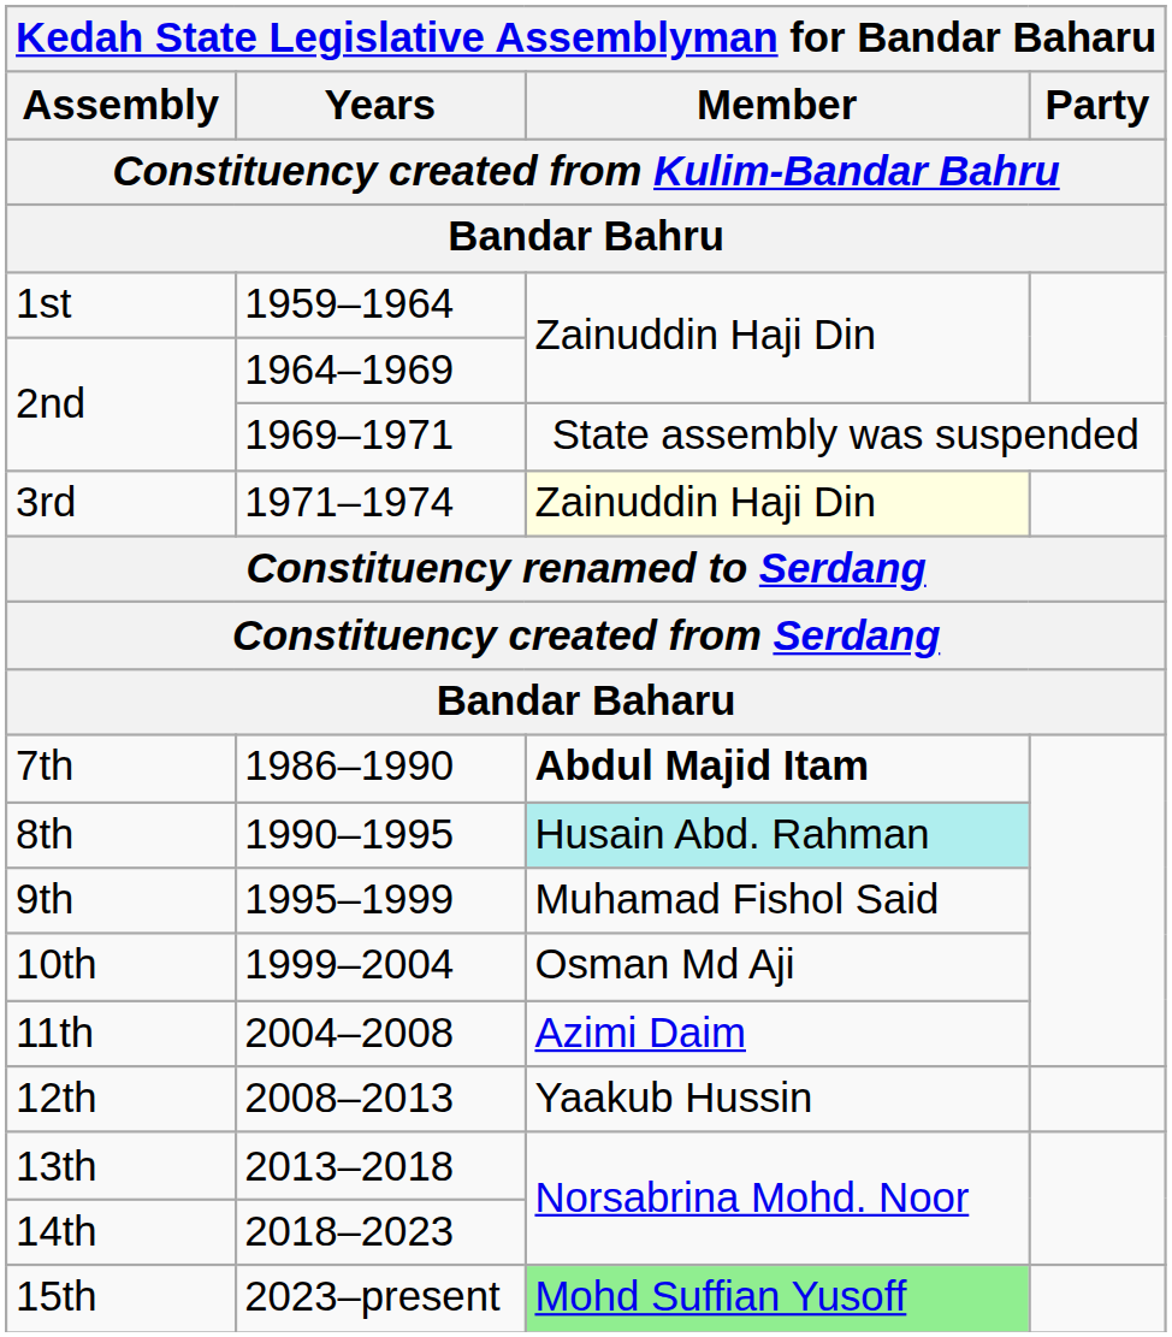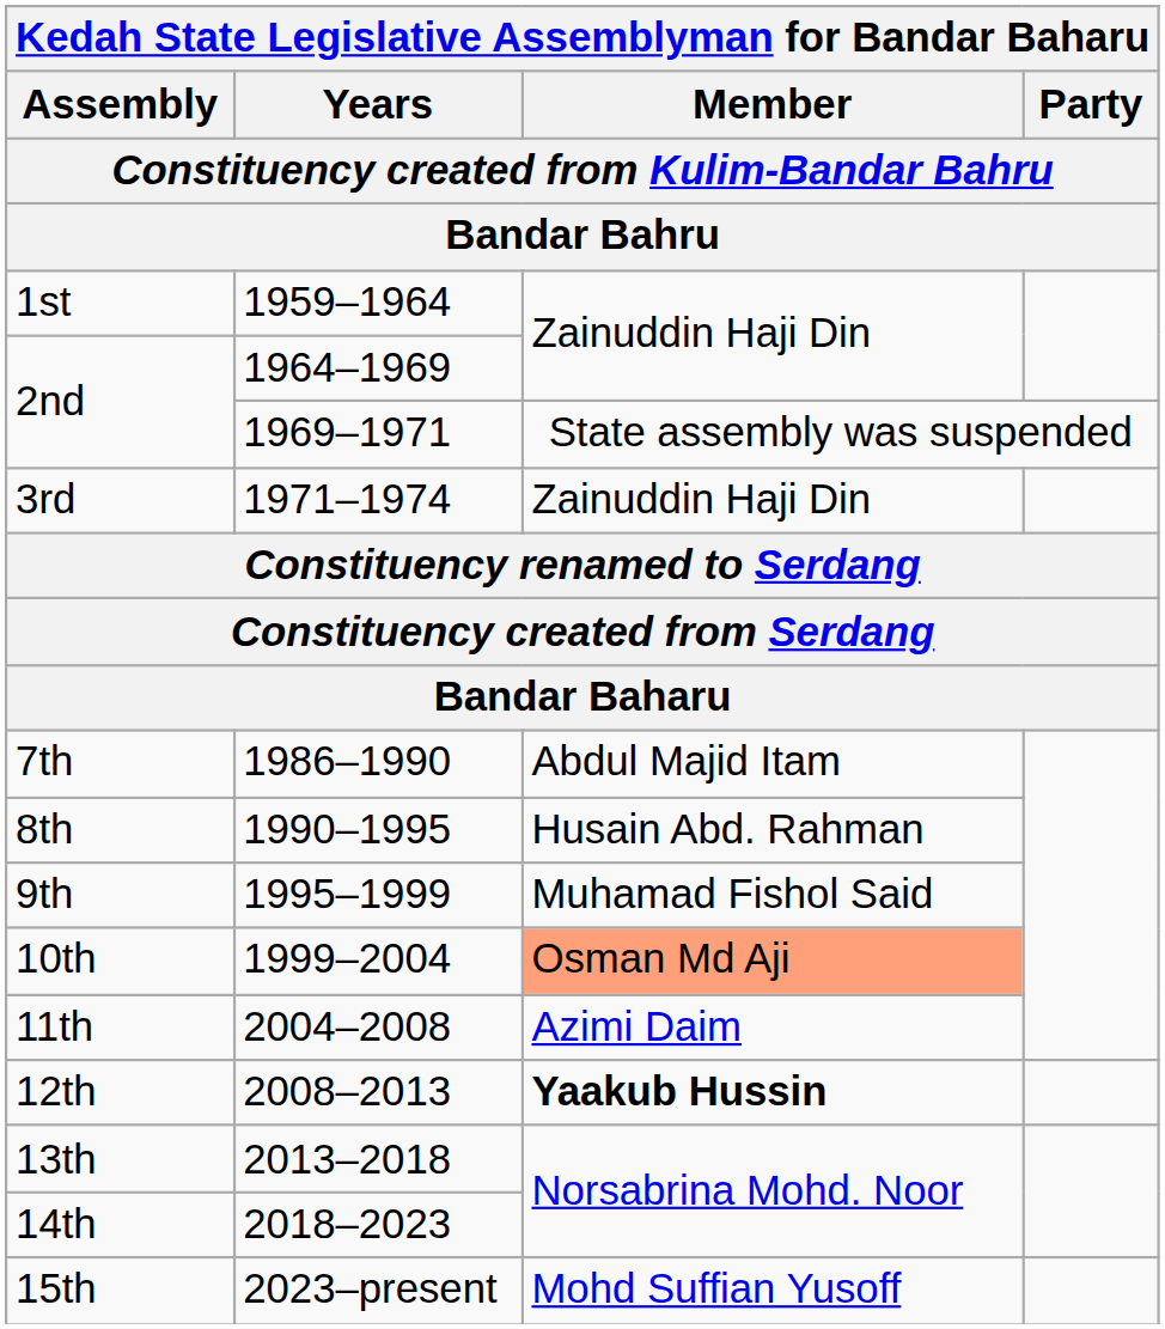 <table class="wikitable">
 <tr>
 <th colspan="4"><a href='#'>Kedah State Legislative Assemblyman</a> for Bandar Baharu</th>
 </tr>
 <tr>
 <th>Assembly</th>
 <th>Years</th>
 <th>Member</th>
 <th>Party</th>
 </tr>
 <tr>
 <th colspan="4"><em>Constituency created from <a href='#'>Kulim-Bandar Bahru</a></em></th>
 </tr>
 <tr>
 <th colspan=4 align=center>Bandar Bahru</th>
 </tr>
 <tr>
 <td>1st</td>
 <td>1959–1964</td>
 <td rowspan="2">Zainuddin Haji Din</td>
 <td rowspan="2"></td>
 </tr>
 <tr>
 <td rowspan="2">2nd</td>
 <td>1964–1969</td>
 </tr>
 <tr>
 <td>1969–1971</td>
 <td colspan="2" align="center">State assembly was suspended</td>
 </tr>
 <tr>
 <td>3rd</td>
 <td>1971–1974</td>
-<td style="background: lightyellow;">Zainuddin Haji Din</td>
+<td>Zainuddin Haji Din</td>
 <td></td>
 </tr>
 <tr>
 <th colspan="4"><em>Constituency renamed to <a href='#'>Serdang</a></em></th>
 </tr>
 <tr>
 <th colspan="4" align="center"><em>Constituency created from <a href='#'>Serdang</a></em></th>
 </tr>
 <tr>
 <th colspan=4 align=center>Bandar Baharu</th>
 </tr>
 <tr>
 <td>7th</td>
 <td>1986–1990</td>
-<td><strong>Abdul Majid Itam</strong></td>
+<td>Abdul Majid Itam</td>
 <td rowspan="5"></td>
 </tr>
 <tr>
 <td>8th</td>
 <td>1990–1995</td>
-<td style="background: paleturquoise;">Husain Abd. Rahman</td>
+<td>Husain Abd. Rahman</td>
 </tr>
 <tr>
 <td>9th</td>
 <td>1995–1999</td>
 <td>Muhamad Fishol Said</td>
 </tr>
 <tr>
 <td>10th</td>
 <td>1999–2004</td>
-<td>Osman Md Aji</td>
+<td style="background: lightsalmon;">Osman Md Aji</td>
 </tr>
 <tr>
 <td>11th</td>
 <td>2004–2008</td>
 <td><a href='#'>Azimi Daim</a></td>
 </tr>
 <tr>
 <td>12th</td>
 <td>2008–2013</td>
-<td>Yaakub Hussin</td>
+<td><strong>Yaakub Hussin</strong></td>
 <td></td>
 </tr>
 <tr>
 <td>13th</td>
 <td>2013–2018</td>
 <td rowspan="2"><a href='#'>Norsabrina Mohd. Noor</a></td>
 <td rowspan="2"></td>
 </tr>
 <tr>
 <td>14th</td>
 <td>2018–2023</td>
 </tr>
 <tr>
 <td>15th</td>
 <td>2023–present</td>
-<td style="background: lightgreen;"><a href='#'>Mohd Suffian Yusoff</a></td>
+<td><a href='#'>Mohd Suffian Yusoff</a></td>
 <td></td>
 </tr>
 </table>
